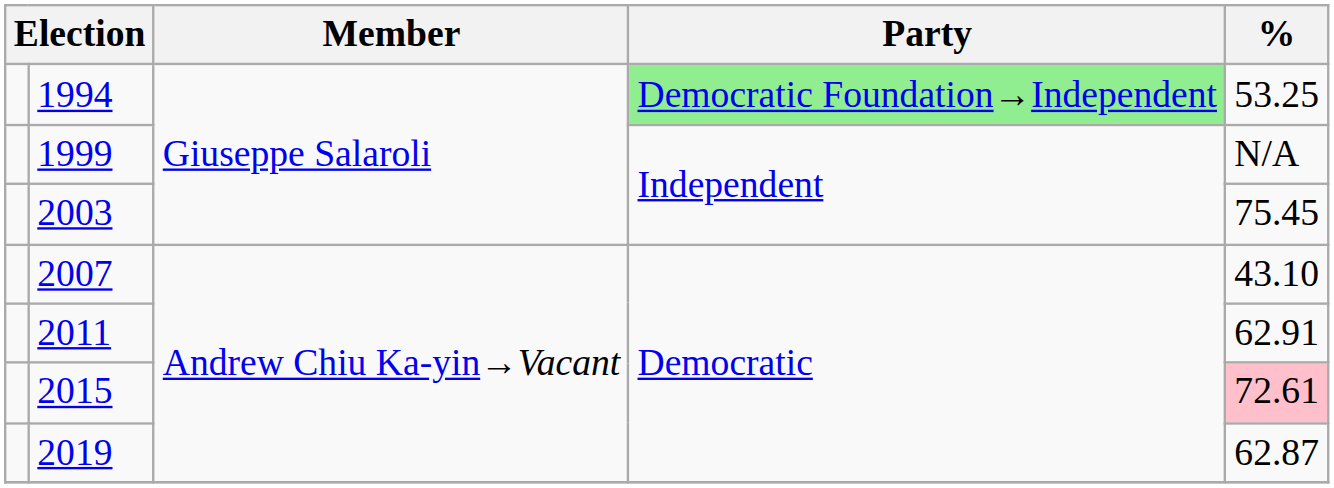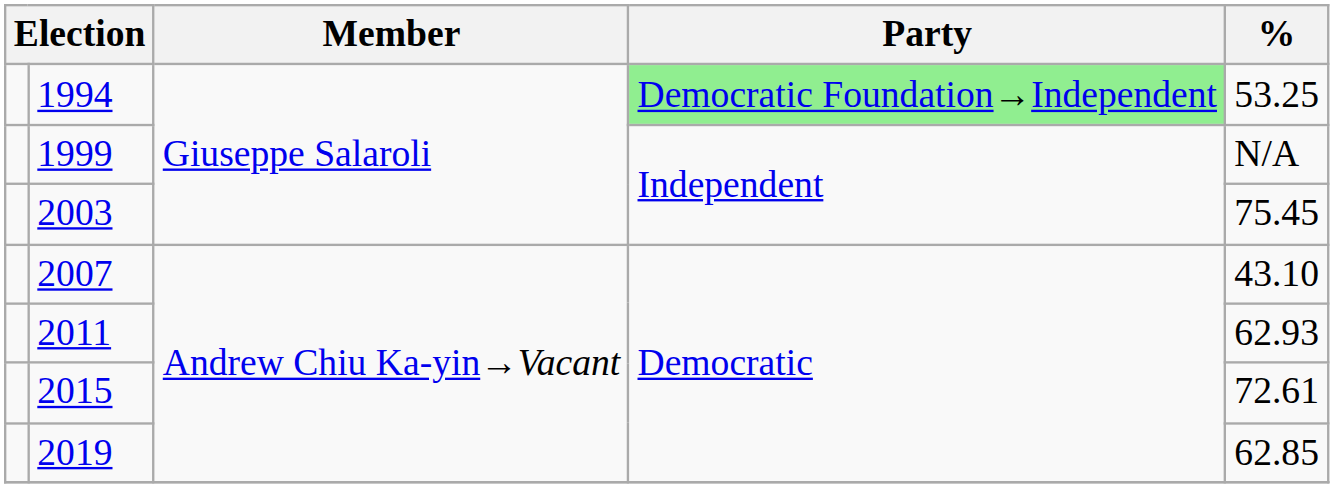 <table class="wikitable">
 <tr>
 <th colspan="2">Election</th>
 <th>Member</th>
 <th>Party</th>
 <th>%</th>
 </tr>
 <tr>
 <td style="background-color: "></td>
 <td><a href='#'>1994</a></td>
 <td rowspan=3><a href='#'>Giuseppe Salaroli</a></td>
 <td style="background: lightgreen;"><a href='#'>Democratic Foundation</a>→<a href='#'>Independent</a></td>
 <td>53.25</td>
 </tr>
 <tr>
 <td style="background-color: "></td>
 <td><a href='#'>1999</a></td>
 <td rowspan=2><a href='#'>Independent</a></td>
 <td>N/A</td>
 </tr>
 <tr>
 <td style="background-color: "></td>
 <td><a href='#'>2003</a></td>
 <td>75.45</td>
 </tr>
 <tr>
 <td style="background-color: "></td>
 <td><a href='#'>2007</a></td>
 <td rowspan=4><a href='#'>Andrew Chiu Ka-yin</a>→<em>Vacant</em></td>
 <td rowspan=4><a href='#'>Democratic</a></td>
 <td>43.10</td>
 </tr>
 <tr>
 <td style="background-color: "></td>
 <td><a href='#'>2011</a></td>
-<td>62.91</td>
+<td>62.93</td>
 </tr>
 <tr>
 <td style="background-color: "></td>
 <td><a href='#'>2015</a></td>
-<td style="background: pink;">72.61</td>
+<td>72.61</td>
 </tr>
 <tr>
 <td style="background-color: "></td>
 <td><a href='#'>2019</a></td>
-<td>62.87</td>
+<td>62.85</td>
 </tr>
 <tr>
 </tr>
 </table>
